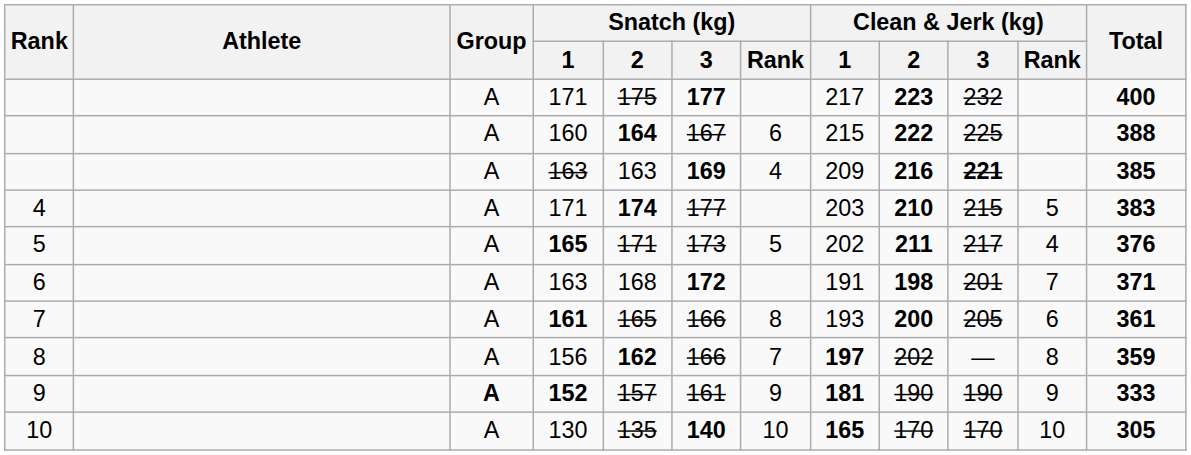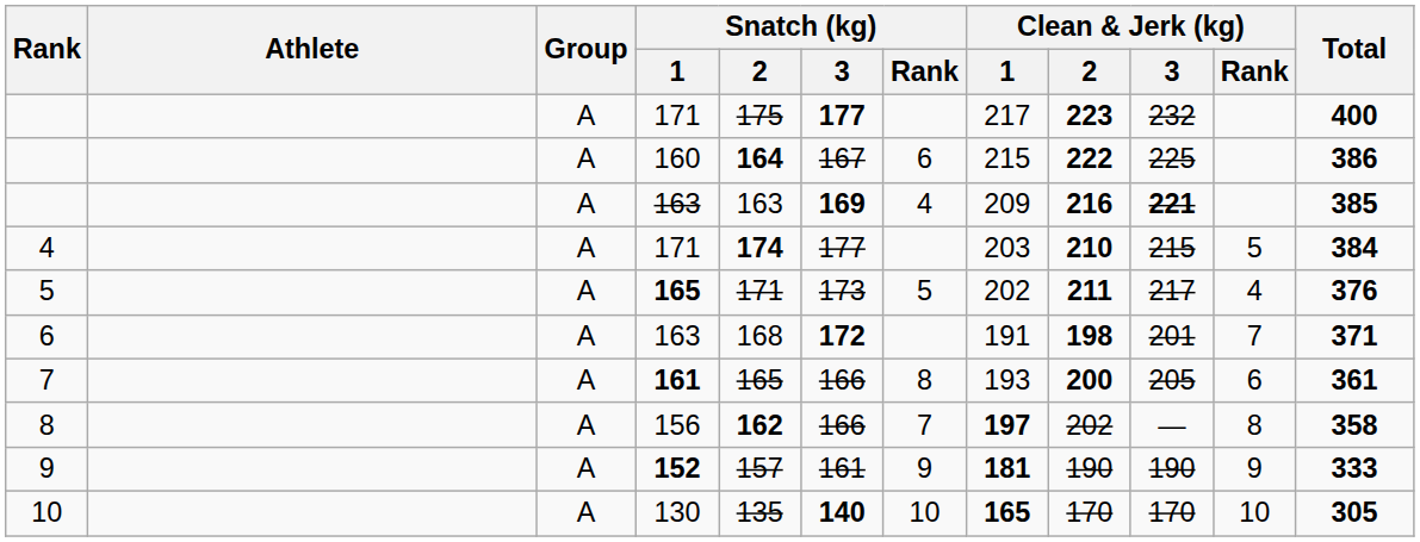 <table class = "wikitable" style="text-align:center;">
 <tr>
 <th rowspan=2 width=40>Rank</th>
 <th rowspan=2 width=250>Athlete</th>
 <th rowspan=2 width=50>Group</th>
 <th colspan=4>Snatch (kg)</th>
 <th colspan=4>Clean & Jerk (kg)</th>
 <th rowspan=2 width=60>Total</th>
 </tr>
 <tr>
 <th width=40>1</th>
 <th width=40>2</th>
 <th width=40>3</th>
 <th width=40>Rank</th>
 <th width=40>1</th>
 <th width=40>2</th>
 <th width=40>3</th>
 <th width=40>Rank</th>
 </tr>
 <tr>
 <td></td>
 <td align=left></td>
 <td>A</td>
 <td>171</td>
 <td><s>175</s></td>
 <td><strong>177</strong></td>
 <td></td>
 <td>217</td>
 <td><strong>223</strong></td>
 <td><s>232</s></td>
 <td></td>
 <td><strong>400</strong></td>
 </tr>
 <tr>
 <td></td>
 <td align=left></td>
 <td>A</td>
 <td>160</td>
 <td><strong>164</strong></td>
 <td><s>167</s></td>
 <td>6</td>
 <td>215</td>
 <td><strong>222</strong></td>
 <td><s>225</s></td>
 <td></td>
-<td><strong>388</strong></td>
+<td><strong>386</strong></td>
 </tr>
 <tr>
 <td></td>
 <td align=left></td>
 <td>A</td>
 <td><s>163</s></td>
 <td>163</td>
 <td><strong>169</strong></td>
 <td>4</td>
 <td>209</td>
 <td><strong>216</strong></td>
 <td><strong><s>221</s></strong></td>
 <td></td>
 <td><strong>385</strong></td>
 </tr>
 <tr>
 <td>4</td>
 <td align=left></td>
 <td>A</td>
 <td>171</td>
 <td><strong>174</strong></td>
 <td><s>177</s></td>
 <td></td>
 <td>203</td>
 <td><strong>210</strong></td>
 <td><s>215</s></td>
 <td>5</td>
-<td><strong>383</strong></td>
+<td><strong>384</strong></td>
 </tr>
 <tr>
 <td>5</td>
 <td align=left></td>
 <td>A</td>
 <td><strong>165</strong></td>
 <td><s>171</s></td>
 <td><s>173</s></td>
 <td>5</td>
 <td>202</td>
 <td><strong>211</strong></td>
 <td><s>217</s></td>
 <td>4</td>
 <td><strong>376</strong></td>
 </tr>
 <tr>
 <td>6</td>
 <td align=left></td>
 <td>A</td>
 <td>163</td>
 <td>168</td>
 <td><strong>172</strong></td>
 <td></td>
 <td>191</td>
 <td><strong>198</strong></td>
 <td><s>201</s></td>
 <td>7</td>
 <td><strong>371</strong></td>
 </tr>
 <tr>
 <td>7</td>
 <td align=left></td>
 <td>A</td>
 <td><strong>161</strong></td>
 <td><s>165</s></td>
 <td><s>166</s></td>
 <td>8</td>
 <td>193</td>
 <td><strong>200</strong></td>
 <td><s>205</s></td>
 <td>6</td>
 <td><strong>361</strong></td>
 </tr>
 <tr>
 <td>8</td>
 <td align=left></td>
 <td>A</td>
 <td>156</td>
 <td><strong>162</strong></td>
 <td><s>166</s></td>
 <td>7</td>
 <td><strong>197</strong></td>
 <td><s>202</s></td>
 <td>—</td>
 <td>8</td>
-<td><strong>359</strong></td>
+<td><strong>358</strong></td>
 </tr>
 <tr>
 <td>9</td>
 <td align=left></td>
-<td><strong>A</strong></td>
+<td>A</td>
 <td><strong>152</strong></td>
 <td><s>157</s></td>
 <td><s>161</s></td>
 <td>9</td>
 <td><strong>181</strong></td>
 <td><s>190</s></td>
 <td><s>190</s></td>
 <td>9</td>
 <td><strong>333</strong></td>
 </tr>
 <tr>
 <td>10</td>
 <td align=left></td>
 <td>A</td>
 <td>130</td>
 <td><s>135</s></td>
 <td><strong>140</strong></td>
 <td>10</td>
 <td><strong>165</strong></td>
 <td><s>170</s></td>
 <td><s>170</s></td>
 <td>10</td>
 <td><strong>305</strong></td>
 </tr>
 </table>
